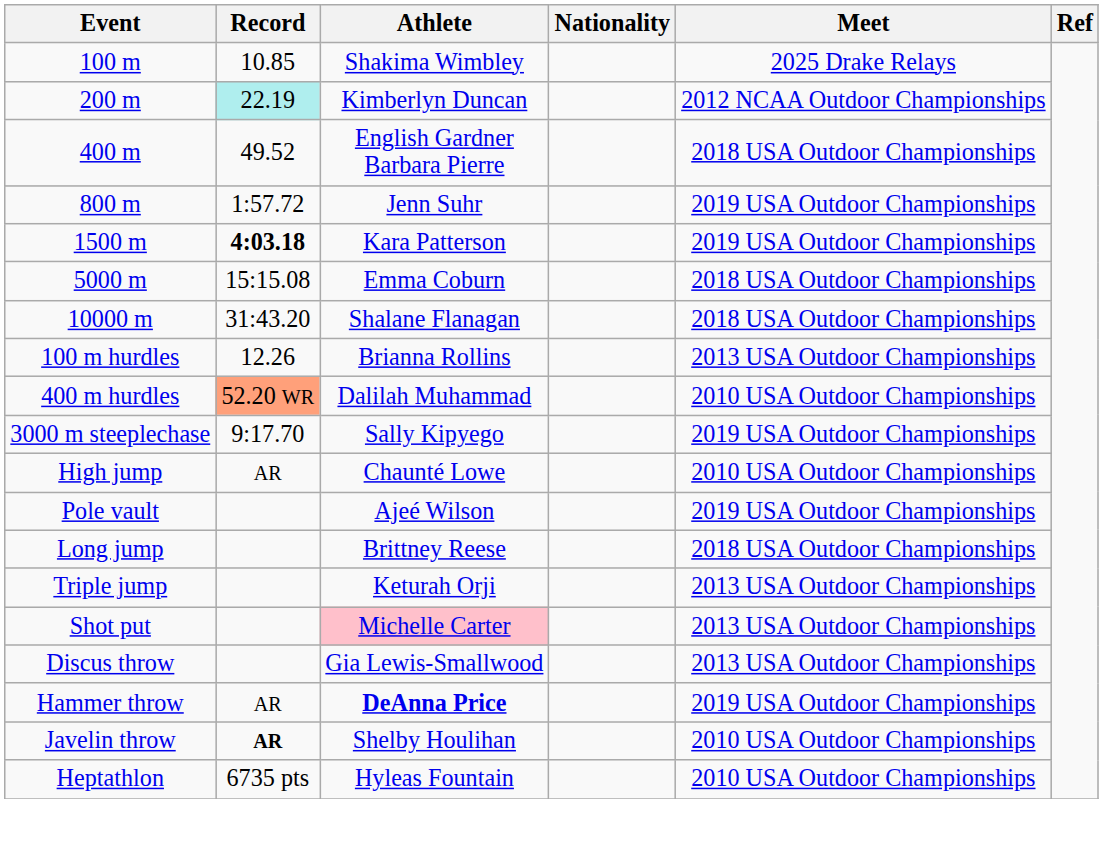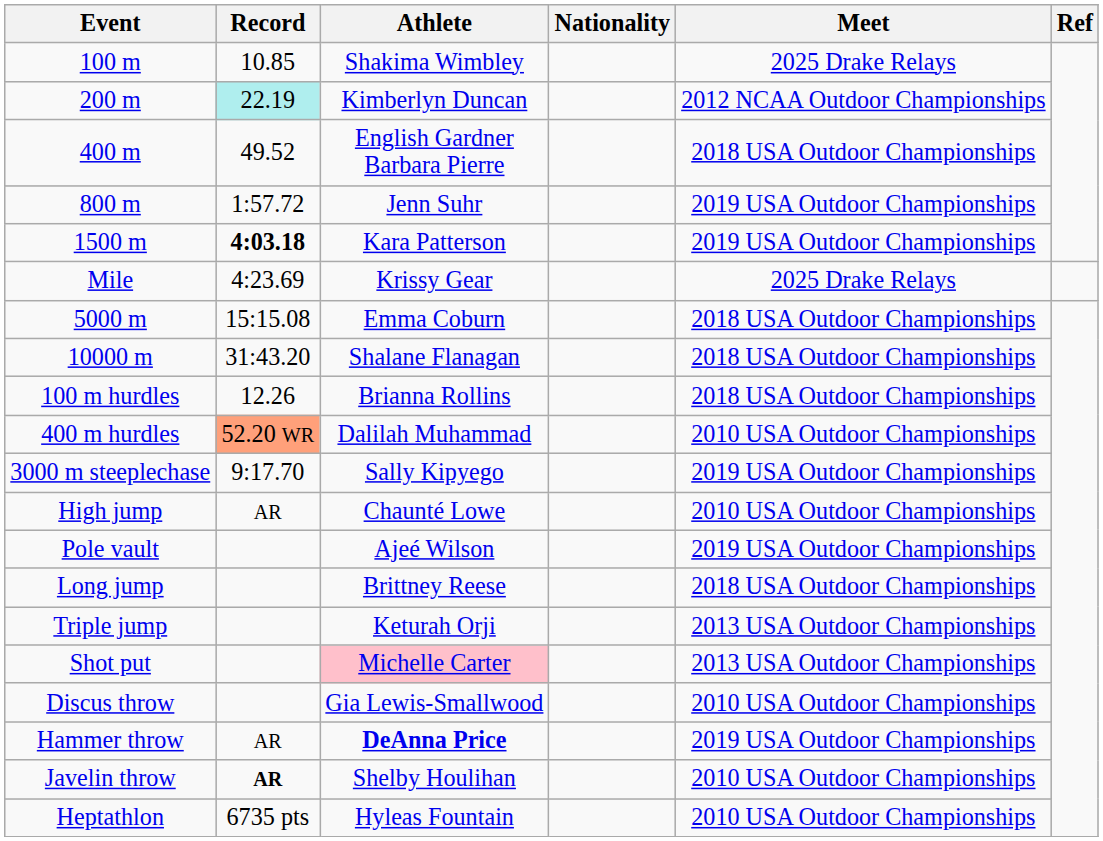 <table class="wikitable" style="text-align:center">
 <tr>
 <th>Event</th>
 <th>Record</th>
 <th>Athlete</th>
 <th>Nationality</th>
 <th>Meet</th>
 <th>Ref</th>
 </tr>
 <tr>
 <td><a href='#'>100 m</a></td>
 <td>10.85</td>
 <td><a href='#'>Shakima Wimbley</a></td>
 <td><br></td>
 <td><a href='#'>2025 Drake Relays</a></td>
 </tr>
 <tr>
 <td><a href='#'>200 m</a></td>
 <td style="background: paleturquoise;">22.19</td>
 <td><a href='#'>Kimberlyn Duncan</a></td>
 <td></td>
 <td><a href='#'>2012 NCAA Outdoor Championships</a></td>
 </tr>
 <tr>
 <td><a href='#'>400 m</a></td>
 <td>49.52</td>
 <td><a href='#'>English Gardner</a><br><a href='#'>Barbara Pierre</a></td>
 <td></td>
 <td><a href='#'>2018 USA Outdoor Championships</a></td>
 </tr>
 <tr>
 <td><a href='#'>800 m</a></td>
 <td>1:57.72</td>
 <td><a href='#'>Jenn Suhr</a></td>
 <td></td>
 <td><a href='#'>2019 USA Outdoor Championships</a></td>
 </tr>
 <tr>
 <td><a href='#'>1500 m</a></td>
 <td><strong>4:03.18</strong></td>
 <td><a href='#'>Kara Patterson</a></td>
 <td></td>
 <td><a href='#'>2019 USA Outdoor Championships</a></td>
 </tr>
 <tr>
+<td><a href='#'>Mile</a></td>
+<td>4:23.69</td>
+<td><a href='#'>Krissy Gear</a></td>
+<td></td>
+<td><a href='#'>2025 Drake Relays</a></td>
+<td></td>
+</tr>
+<tr>
 <td><a href='#'>5000 m</a></td>
 <td>15:15.08</td>
 <td><a href='#'>Emma Coburn</a></td>
 <td></td>
 <td><a href='#'>2018 USA Outdoor Championships</a></td>
 </tr>
 <tr>
 <td><a href='#'>10000 m</a></td>
 <td>31:43.20</td>
 <td><a href='#'>Shalane Flanagan</a></td>
 <td></td>
 <td><a href='#'>2018 USA Outdoor Championships</a></td>
 </tr>
 <tr>
 <td><a href='#'>100 m hurdles</a></td>
 <td>12.26</td>
 <td><a href='#'>Brianna Rollins</a></td>
 <td></td>
-<td><a href='#'>2013 USA Outdoor Championships</a></td>
+<td><a href='#'>2018 USA Outdoor Championships</a></td>
 </tr>
 <tr>
 <td><a href='#'>400 m hurdles</a></td>
 <td style="background: lightsalmon;">52.20 <small>WR</small></td>
 <td><a href='#'>Dalilah Muhammad</a></td>
 <td></td>
 <td><a href='#'>2010 USA Outdoor Championships</a></td>
 </tr>
 <tr>
 <td><a href='#'>3000 m steeplechase</a></td>
 <td>9:17.70</td>
 <td><a href='#'>Sally Kipyego</a></td>
 <td></td>
 <td><a href='#'>2019 USA Outdoor Championships</a></td>
 </tr>
 <tr>
 <td><a href='#'>High jump</a></td>
 <td> <small>AR</small></td>
 <td><a href='#'>Chaunté Lowe</a></td>
 <td></td>
 <td><a href='#'>2010 USA Outdoor Championships</a></td>
 </tr>
 <tr>
 <td><a href='#'>Pole vault</a></td>
 <td></td>
 <td><a href='#'>Ajeé Wilson</a></td>
 <td></td>
 <td><a href='#'>2019 USA Outdoor Championships</a></td>
 </tr>
 <tr>
 <td><a href='#'>Long jump</a></td>
 <td></td>
 <td><a href='#'>Brittney Reese</a></td>
 <td></td>
 <td><a href='#'>2018 USA Outdoor Championships</a></td>
 </tr>
 <tr>
 <td><a href='#'>Triple jump</a></td>
 <td></td>
 <td><a href='#'>Keturah Orji</a></td>
 <td></td>
 <td><a href='#'>2013 USA Outdoor Championships</a></td>
 </tr>
 <tr>
 <td><a href='#'>Shot put</a></td>
 <td></td>
 <td style="background: pink;"><a href='#'>Michelle Carter</a></td>
 <td></td>
 <td><a href='#'>2013 USA Outdoor Championships</a></td>
 </tr>
 <tr>
 <td><a href='#'>Discus throw</a></td>
 <td></td>
 <td><a href='#'>Gia Lewis-Smallwood</a></td>
 <td></td>
-<td><a href='#'>2013 USA Outdoor Championships</a></td>
+<td><a href='#'>2010 USA Outdoor Championships</a></td>
 </tr>
 <tr>
 <td><a href='#'>Hammer throw</a></td>
 <td> <small>AR</small></td>
 <td><strong><a href='#'>DeAnna Price</a></strong></td>
 <td></td>
 <td><a href='#'>2019 USA Outdoor Championships</a></td>
 </tr>
 <tr>
 <td><a href='#'>Javelin throw</a></td>
 <td><strong> <small>AR</small></strong></td>
 <td><a href='#'>Shelby Houlihan</a></td>
 <td></td>
 <td><a href='#'>2010 USA Outdoor Championships</a></td>
 </tr>
 <tr>
 <td><a href='#'>Heptathlon</a></td>
 <td>6735 pts</td>
 <td><a href='#'>Hyleas Fountain</a></td>
 <td></td>
 <td><a href='#'>2010 USA Outdoor Championships</a></td>
 </tr>
 </table>
